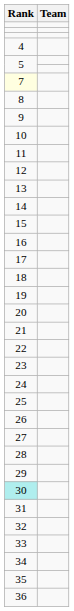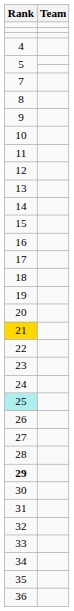 <table class="wikitable" style="text-align:center;">
 <tr>
 <th width=40>Rank</th>
 <th>Team</th>
 </tr>
 <tr>
 <td></td>
 <td style="text-align:left;"></td>
 </tr>
 <tr>
 <td></td>
 <td style="text-align:left;"></td>
 </tr>
 <tr>
 <td></td>
 <td style="text-align:left;"></td>
 </tr>
 <tr>
 <td>4</td>
 <td style="text-align:left;"></td>
 </tr>
 <tr>
 <td rowspan=2>5</td>
 <td style="text-align:left;"></td>
 </tr>
 <tr>
 <td style="text-align:left;"></td>
 </tr>
 <tr>
-<td style="background: lightyellow;">7</td>
+<td>7</td>
 <td style="text-align:left;"></td>
 </tr>
 <tr>
 <td>8</td>
 <td style="text-align:left;"></td>
 </tr>
 <tr>
 <td>9</td>
 <td style="text-align:left;"></td>
 </tr>
 <tr>
 <td>10</td>
 <td style="text-align:left;"></td>
 </tr>
 <tr>
 <td>11</td>
 <td style="text-align:left;"></td>
 </tr>
 <tr>
 <td>12</td>
 <td style="text-align:left;"></td>
 </tr>
 <tr>
 <td>13</td>
 <td style="text-align:left;"></td>
 </tr>
 <tr>
 <td>14</td>
 <td style="text-align:left;"></td>
 </tr>
 <tr>
 <td>15</td>
 <td style="text-align:left;"></td>
 </tr>
 <tr>
 <td>16</td>
 <td style="text-align:left;"></td>
 </tr>
 <tr>
 <td>17</td>
 <td style="text-align:left;"></td>
 </tr>
 <tr>
 <td>18</td>
 <td style="text-align:left;"></td>
 </tr>
 <tr>
 <td>19</td>
 <td style="text-align:left;"></td>
 </tr>
 <tr>
 <td>20</td>
 <td style="text-align:left;"></td>
 </tr>
 <tr>
-<td>21</td>
+<td style="background: gold;">21</td>
 <td style="text-align:left;"></td>
 </tr>
 <tr>
 <td>22</td>
 <td style="text-align:left;"></td>
 </tr>
 <tr>
 <td>23</td>
 <td style="text-align:left;"></td>
 </tr>
 <tr>
 <td>24</td>
 <td style="text-align:left;"></td>
 </tr>
 <tr>
-<td>25</td>
+<td style="background: paleturquoise;">25</td>
 <td style="text-align:left;"></td>
 </tr>
 <tr>
 <td>26</td>
 <td style="text-align:left;"></td>
 </tr>
 <tr>
 <td>27</td>
 <td style="text-align:left;"></td>
 </tr>
 <tr>
 <td>28</td>
 <td style="text-align:left;"></td>
 </tr>
 <tr>
-<td>29</td>
+<td><strong>29</strong></td>
 <td style="text-align:left;"></td>
 </tr>
 <tr>
-<td style="background: paleturquoise;">30</td>
+<td>30</td>
 <td style="text-align:left;"></td>
 </tr>
 <tr>
 <td>31</td>
 <td style="text-align:left;"></td>
 </tr>
 <tr>
 <td>32</td>
 <td style="text-align:left;"></td>
 </tr>
 <tr>
 <td>33</td>
 <td style="text-align:left;"></td>
 </tr>
 <tr>
 <td>34</td>
 <td style="text-align:left;"></td>
 </tr>
 <tr>
 <td>35</td>
 <td style="text-align:left;"></td>
 </tr>
 <tr>
 <td>36</td>
 <td style="text-align:left;"></td>
 </tr>
 </table>
